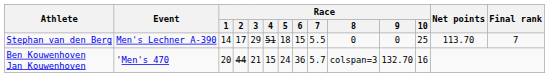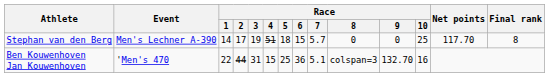 <table class="wikitable" style="font-size:90%">
 <tr>
 <th rowspan="2">Athlete</th>
 <th rowspan="2">Event</th>
 <th colspan=10>Race</th>
 <th rowspan=2>Net points</th>
 <th rowspan=2>Final rank</th>
 </tr>
 <tr style="font-size:95%">
 <th>1</th>
 <th>2</th>
 <th>3</th>
 <th>4</th>
 <th>5</th>
 <th>6</th>
 <th>7</th>
 <th>8</th>
 <th>9</th>
 <th>10</th>
 </tr>
 <tr align=center>
 <td align=left><a href='#'>Stephan van den Berg</a></td>
 <td align=left><a href='#'>Men's Lechner A-390</a></td>
 <td>14</td>
 <td>17</td>
-<td>29</td>
+<td>19</td>
 <td><s>51</s></td>
 <td>18</td>
 <td>15</td>
-<td>5.5</td>
+<td>5.7</td>
 <td>0</td>
 <td>0</td>
 <td>25</td>
-<td>113.70</td>
-<td>7</td>
+<td>117.70</td>
+<td>8</td>
 </tr>
 <tr align=center>
 <td align=left><a href='#'>Ben Kouwenhoven</a><br><a href='#'>Jan Kouwenhoven</a></td>
 <td align=left>'<a href='#'>Men's 470</a></td>
-<td>20</td>
+<td>22</td>
 <td><s>44</s></td>
-<td>21</td>
+<td>31</td>
 <td>15</td>
-<td>24</td>
+<td>25</td>
 <td>36</td>
-<td>5.7</td>
+<td>5.1</td>
 <td>colspan=3 </td>
 <td>132.70</td>
 <td>16</td>
 </tr>
 </table>
